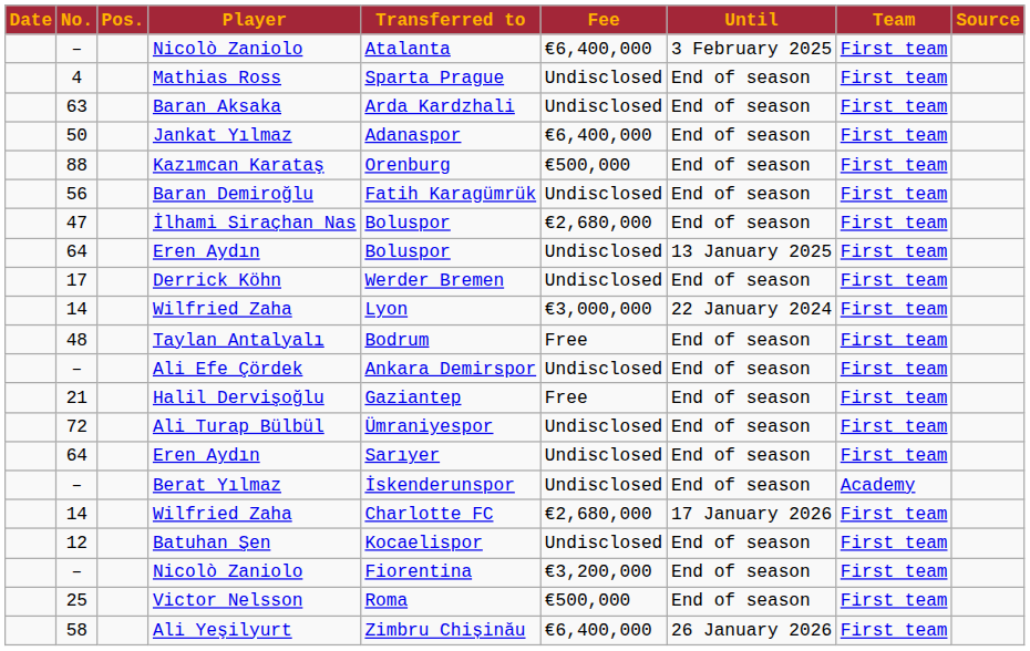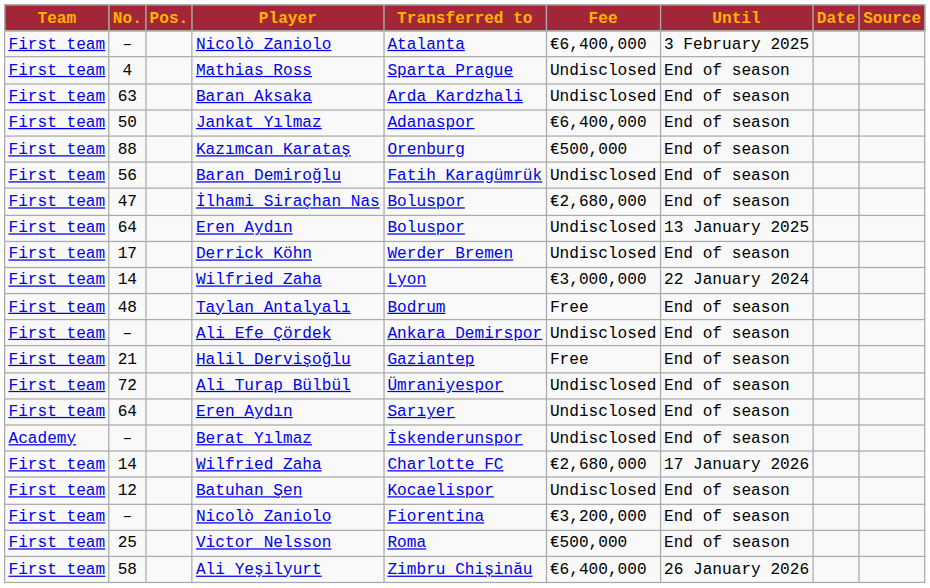 <table class="wikitable plainrowheaders sortable">
 <tr>
-<th style="background:#A32638; color:#FFB300; ">Date</th>
+<th style="background:#A32638; color:#FFB300; ">Team</th>
 <th style="background:#A32638; color:#FFB300; ">No.</th>
 <th style="background:#A32638; color:#FFB300; ">Pos.</th>
 <th style="background:#A32638; color:#FFB300; ">Player</th>
 <th style="background:#A32638; color:#FFB300; ">Transferred to</th>
 <th style="background:#A32638; color:#FFB300; ">Fee</th>
 <th style="background:#A32638; color:#FFB300; ">Until</th>
-<th style="background:#A32638; color:#FFB300; ">Team</th>
+<th style="background:#A32638; color:#FFB300; ">Date</th>
 <th style="background:#A32638; color:#FFB300; ">Source</th>
 </tr>
 <tr>
-<td></td>
+<td><a href='#'>First team</a></td>
 <td align=center>–</td>
 <td align=center></td>
 <td> <a href='#'>Nicolò Zaniolo</a></td>
 <td> <a href='#'>Atalanta</a></td>
 <td>€6,400,000</td>
 <td>3 February 2025</td>
-<td><a href='#'>First team</a></td>
+<td></td>
 <td align=center></td>
 </tr>
 <tr>
-<td></td>
+<td><a href='#'>First team</a></td>
 <td align=center>4</td>
 <td align=center></td>
 <td> <a href='#'>Mathias Ross</a></td>
 <td> <a href='#'>Sparta Prague</a></td>
 <td>Undisclosed</td>
 <td>End of season</td>
-<td><a href='#'>First team</a></td>
+<td></td>
 <td align=center></td>
 </tr>
 <tr>
-<td></td>
+<td><a href='#'>First team</a></td>
 <td align=center>63</td>
 <td align=center></td>
 <td> <a href='#'>Baran Aksaka</a></td>
 <td> <a href='#'>Arda Kardzhali</a></td>
 <td>Undisclosed</td>
 <td>End of season</td>
-<td><a href='#'>First team</a></td>
+<td></td>
 <td align=center></td>
 </tr>
 <tr>
-<td></td>
+<td><a href='#'>First team</a></td>
 <td align=center>50</td>
 <td align=center></td>
 <td> <a href='#'>Jankat Yılmaz</a></td>
 <td> <a href='#'>Adanaspor</a></td>
 <td>€6,400,000</td>
 <td>End of season</td>
-<td><a href='#'>First team</a></td>
+<td></td>
 <td align=center></td>
 </tr>
 <tr>
-<td></td>
+<td><a href='#'>First team</a></td>
 <td align=center>88</td>
 <td align=center></td>
 <td> <a href='#'>Kazımcan Karataş</a></td>
 <td> <a href='#'>Orenburg</a></td>
 <td>€500,000</td>
 <td>End of season</td>
-<td><a href='#'>First team</a></td>
+<td></td>
 <td align=center></td>
 </tr>
 <tr>
-<td></td>
+<td><a href='#'>First team</a></td>
 <td align=center>56</td>
 <td align=center></td>
 <td> <a href='#'>Baran Demiroğlu</a></td>
 <td> <a href='#'>Fatih Karagümrük</a></td>
 <td>Undisclosed</td>
 <td>End of season</td>
-<td><a href='#'>First team</a></td>
+<td></td>
 <td align=center></td>
 </tr>
 <tr>
-<td></td>
+<td><a href='#'>First team</a></td>
 <td align=center>47</td>
 <td align=center></td>
 <td> <a href='#'>İlhami Siraçhan Nas</a></td>
 <td> <a href='#'>Boluspor</a></td>
 <td>€2,680,000</td>
 <td>End of season</td>
-<td><a href='#'>First team</a></td>
+<td></td>
 <td align=center></td>
 </tr>
 <tr>
-<td></td>
+<td><a href='#'>First team</a></td>
 <td align=center>64</td>
 <td align=center></td>
 <td> <a href='#'>Eren Aydın</a></td>
 <td> <a href='#'>Boluspor</a></td>
 <td>Undisclosed</td>
 <td>13 January 2025</td>
-<td><a href='#'>First team</a></td>
+<td></td>
 <td align=center></td>
 </tr>
 <tr>
-<td></td>
+<td><a href='#'>First team</a></td>
 <td align=center>17</td>
 <td align=center></td>
 <td> <a href='#'>Derrick Köhn</a></td>
 <td> <a href='#'>Werder Bremen</a></td>
 <td>Undisclosed</td>
 <td>End of season</td>
-<td><a href='#'>First team</a></td>
+<td></td>
 <td align=center></td>
 </tr>
 <tr>
-<td></td>
+<td><a href='#'>First team</a></td>
 <td align=center>14</td>
 <td align=center></td>
 <td>  <a href='#'>Wilfried Zaha</a></td>
 <td> <a href='#'>Lyon</a></td>
 <td>€3,000,000</td>
 <td>22 January 2024</td>
-<td><a href='#'>First team</a></td>
+<td></td>
 <td align=center></td>
 </tr>
 <tr>
-<td></td>
+<td><a href='#'>First team</a></td>
 <td align=center>48</td>
 <td align=center></td>
 <td> <a href='#'>Taylan Antalyalı</a></td>
 <td> <a href='#'>Bodrum</a></td>
 <td>Free</td>
 <td>End of season</td>
-<td><a href='#'>First team</a></td>
+<td></td>
 <td align=center></td>
 </tr>
 <tr>
-<td></td>
+<td><a href='#'>First team</a></td>
 <td align=center>–</td>
 <td align=center></td>
 <td> <a href='#'>Ali Efe Çördek</a></td>
 <td> <a href='#'>Ankara Demirspor</a></td>
 <td>Undisclosed</td>
 <td>End of season</td>
-<td><a href='#'>First team</a></td>
+<td></td>
 <td align=center></td>
 </tr>
 <tr>
-<td></td>
+<td><a href='#'>First team</a></td>
 <td align=center>21</td>
 <td align=center></td>
 <td> <a href='#'>Halil Dervişoğlu</a></td>
 <td> <a href='#'>Gaziantep</a></td>
 <td>Free</td>
 <td>End of season</td>
-<td><a href='#'>First team</a></td>
+<td></td>
 <td align=center></td>
 </tr>
 <tr>
-<td></td>
+<td><a href='#'>First team</a></td>
 <td align=center>72</td>
 <td align=center></td>
 <td> <a href='#'>Ali Turap Bülbül</a></td>
 <td> <a href='#'>Ümraniyespor</a></td>
 <td>Undisclosed</td>
 <td>End of season</td>
-<td><a href='#'>First team</a></td>
+<td></td>
 <td align=center></td>
 </tr>
 <tr>
-<td></td>
+<td><a href='#'>First team</a></td>
 <td align=center>64</td>
 <td align=center></td>
 <td> <a href='#'>Eren Aydın</a></td>
 <td> <a href='#'>Sarıyer</a></td>
 <td>Undisclosed</td>
 <td>End of season</td>
-<td><a href='#'>First team</a></td>
+<td></td>
 <td align=center></td>
 </tr>
 <tr>
-<td></td>
+<td><a href='#'>Academy</a></td>
 <td align=center>–</td>
 <td align=center></td>
 <td> <a href='#'>Berat Yılmaz</a></td>
 <td> <a href='#'>İskenderunspor</a></td>
 <td>Undisclosed</td>
 <td>End of season</td>
-<td><a href='#'>Academy</a></td>
+<td></td>
 <td align=center></td>
 </tr>
 <tr>
-<td></td>
+<td><a href='#'>First team</a></td>
 <td align=center>14</td>
 <td align=center></td>
 <td>  <a href='#'>Wilfried Zaha</a></td>
 <td> <a href='#'>Charlotte FC</a></td>
 <td>€2,680,000</td>
 <td>17 January 2026</td>
-<td><a href='#'>First team</a></td>
+<td></td>
 <td align=center></td>
 </tr>
 <tr>
-<td></td>
+<td><a href='#'>First team</a></td>
 <td align=center>12</td>
 <td align=center></td>
 <td> <a href='#'>Batuhan Şen</a></td>
 <td> <a href='#'>Kocaelispor</a></td>
 <td>Undisclosed</td>
 <td>End of season</td>
-<td><a href='#'>First team</a></td>
+<td></td>
 <td align=center></td>
 </tr>
 <tr>
-<td></td>
+<td><a href='#'>First team</a></td>
 <td align=center>–</td>
 <td align=center></td>
 <td> <a href='#'>Nicolò Zaniolo</a></td>
 <td> <a href='#'>Fiorentina</a></td>
 <td>€3,200,000</td>
 <td>End of season</td>
-<td><a href='#'>First team</a></td>
+<td></td>
 <td align=center></td>
 </tr>
 <tr>
-<td></td>
+<td><a href='#'>First team</a></td>
 <td align=center>25</td>
 <td align=center></td>
 <td> <a href='#'>Victor Nelsson</a></td>
 <td> <a href='#'>Roma</a></td>
 <td>€500,000</td>
 <td>End of season</td>
-<td><a href='#'>First team</a></td>
+<td></td>
 <td align=center></td>
 </tr>
 <tr>
-<td></td>
+<td><a href='#'>First team</a></td>
 <td align=center>58</td>
 <td align=center></td>
 <td> <a href='#'>Ali Yeşilyurt</a></td>
 <td> <a href='#'>Zimbru Chișinău</a></td>
 <td>€6,400,000</td>
 <td>26 January 2026</td>
-<td><a href='#'>First team</a></td>
+<td></td>
 <td align=center></td>
 </tr>
 </table>
